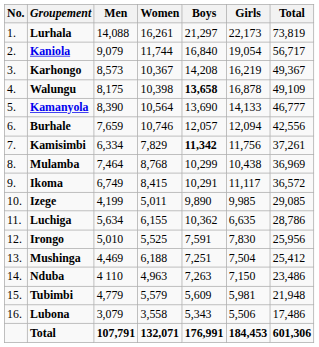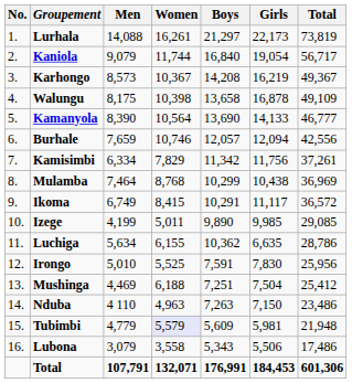 <table class="wikitable">
 <tr>
 <th>No.</th>
 <th><em>Groupement</em></th>
 <th>Men</th>
 <th>Women</th>
 <th>Boys</th>
 <th>Girls</th>
 <th>Total</th>
 </tr>
 <tr>
 <td>1.</td>
 <td><strong>Lurhala</strong></td>
 <td>14,088</td>
 <td>16,261</td>
 <td>21,297</td>
 <td>22,173</td>
 <td>73,819</td>
 </tr>
 <tr>
 <td>2.</td>
 <td><a href='#'><strong>Kaniola</strong></a></td>
 <td>9,079</td>
 <td>11,744</td>
 <td>16,840</td>
 <td>19,054</td>
 <td>56,717</td>
 </tr>
 <tr>
 <td>3.</td>
 <td><strong>Karhongo</strong></td>
 <td>8,573</td>
 <td>10,367</td>
 <td>14,208</td>
 <td>16,219</td>
 <td>49,367</td>
 </tr>
 <tr>
 <td>4.</td>
 <td><strong>Walungu</strong></td>
 <td>8,175</td>
 <td>10,398</td>
-<td><strong>13,658</strong></td>
+<td>13,658</td>
 <td>16,878</td>
 <td>49,109</td>
 </tr>
 <tr>
 <td>5.</td>
 <td><strong><a href='#'>Kamanyola</a></strong></td>
 <td>8,390</td>
 <td>10,564</td>
 <td>13,690</td>
 <td>14,133</td>
 <td>46,777</td>
 </tr>
 <tr>
 <td>6.</td>
 <td><strong>Burhale</strong></td>
 <td>7,659</td>
 <td>10,746</td>
 <td>12,057</td>
 <td>12,094</td>
 <td>42,556</td>
 </tr>
 <tr>
 <td>7.</td>
 <td><strong>Kamisimbi</strong></td>
 <td>6,334</td>
 <td>7,829</td>
-<td><strong>11,342</strong></td>
+<td>11,342</td>
 <td>11,756</td>
 <td>37,261</td>
 </tr>
 <tr>
 <td>8.</td>
 <td><strong>Mulamba</strong></td>
 <td>7,464</td>
 <td>8,768</td>
 <td>10,299</td>
 <td>10,438</td>
 <td>36,969</td>
 </tr>
 <tr>
 <td>9.</td>
 <td><strong>Ikoma</strong></td>
 <td>6,749</td>
 <td>8,415</td>
 <td>10,291</td>
 <td>11,117</td>
 <td>36,572</td>
 </tr>
 <tr>
 <td>10.</td>
 <td><strong>Izege</strong></td>
 <td>4,199</td>
 <td>5,011</td>
 <td>9,890</td>
 <td>9,985</td>
 <td>29,085</td>
 </tr>
 <tr>
 <td>11.</td>
 <td><strong>Luchiga</strong></td>
 <td>5,634</td>
 <td>6,155</td>
 <td>10,362</td>
 <td>6,635</td>
 <td>28,786</td>
 </tr>
 <tr>
 <td>12.</td>
 <td><strong>Irongo</strong></td>
 <td>5,010</td>
 <td>5,525</td>
 <td>7,591</td>
 <td>7,830</td>
 <td>25,956</td>
 </tr>
 <tr>
 <td>13.</td>
 <td><strong>Mushinga</strong></td>
 <td>4,469</td>
 <td>6,188</td>
 <td>7,251</td>
 <td>7,504</td>
 <td>25,412</td>
 </tr>
 <tr>
 <td>14.</td>
 <td><strong>Nduba</strong></td>
 <td>4 110</td>
 <td>4,963</td>
 <td>7,263</td>
 <td>7,150</td>
 <td>23,486</td>
 </tr>
 <tr>
 <td>15.</td>
 <td><strong>Tubimbi</strong></td>
 <td>4,779</td>
-<td>5,579</td>
+<td style="background: lavender;">5,579</td>
 <td>5,609</td>
 <td>5,981</td>
 <td>21,948</td>
 </tr>
 <tr>
 <td>16.</td>
 <td><strong>Lubona</strong></td>
 <td>3,079</td>
 <td>3,558</td>
 <td>5,343</td>
 <td>5,506</td>
 <td>17,486</td>
 </tr>
 <tr>
 <td rowspan="2"></td>
 <td rowspan="2"><strong>Total</strong></td>
 <td rowspan="2"><strong>107,791</strong></td>
 <td rowspan="2"><strong>132,071</strong></td>
 <td rowspan="2"><strong>176,991</strong></td>
 <td rowspan="2"><strong>184,453</strong></td>
 <td rowspan="2"><strong>601,306</strong></td>
 </tr>
 </table>
